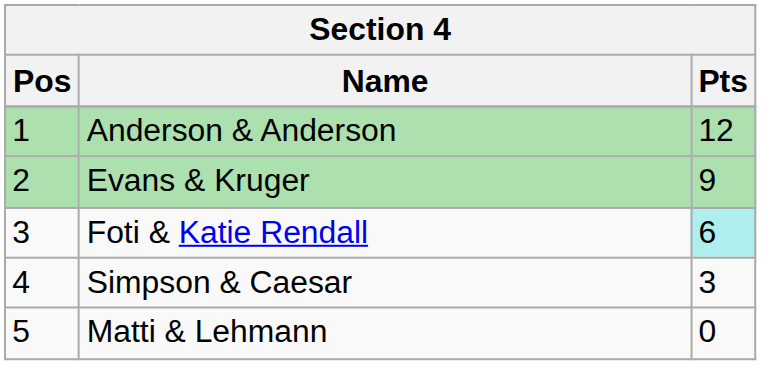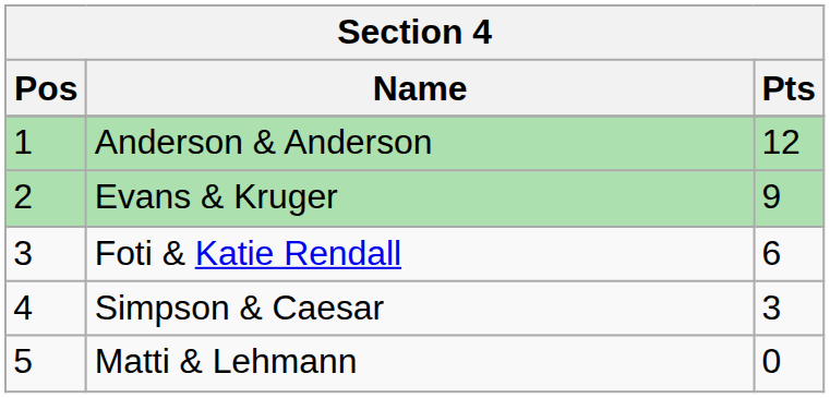 <table class="wikitable">
 <tr>
 <th colspan="6">Section 4</th>
 </tr>
 <tr>
 <th width=30>Pos</th>
 <th width=300>Name</th>
 <th width=20>Pts</th>
 </tr>
 <tr>
 </tr>
 <tr style="background:#ACE1AF;">
 <td>1</td>
 <td> Anderson & Anderson</td>
 <td>12</td>
 </tr>
 <tr style="background:#ACE1AF;">
 <td>2</td>
 <td> Evans & Kruger</td>
 <td>9</td>
 </tr>
 <tr>
 <td>3</td>
 <td> Foti &  <a href='#'>Katie Rendall</a></td>
-<td style="background: paleturquoise;">6</td>
+<td>6</td>
 </tr>
 <tr>
 <td>4</td>
 <td> Simpson & Caesar</td>
 <td>3</td>
 </tr>
 <tr>
 <td>5</td>
 <td> Matti & Lehmann</td>
 <td>0</td>
 </tr>
 </table>
